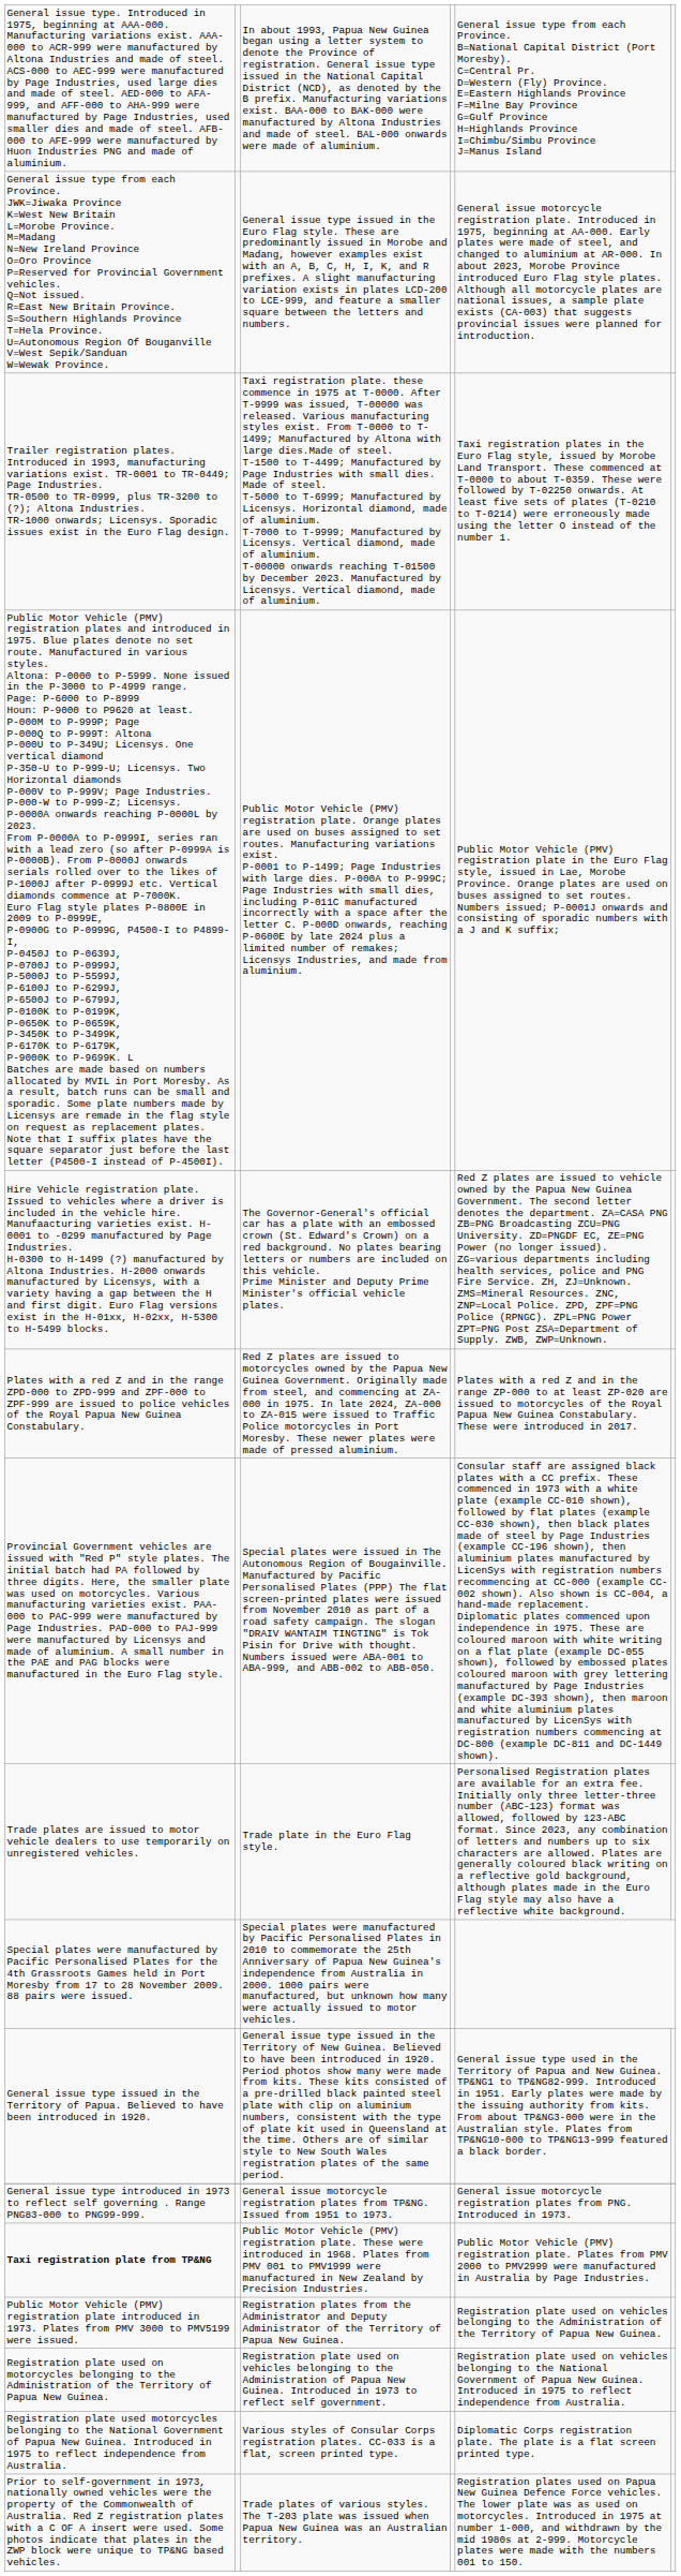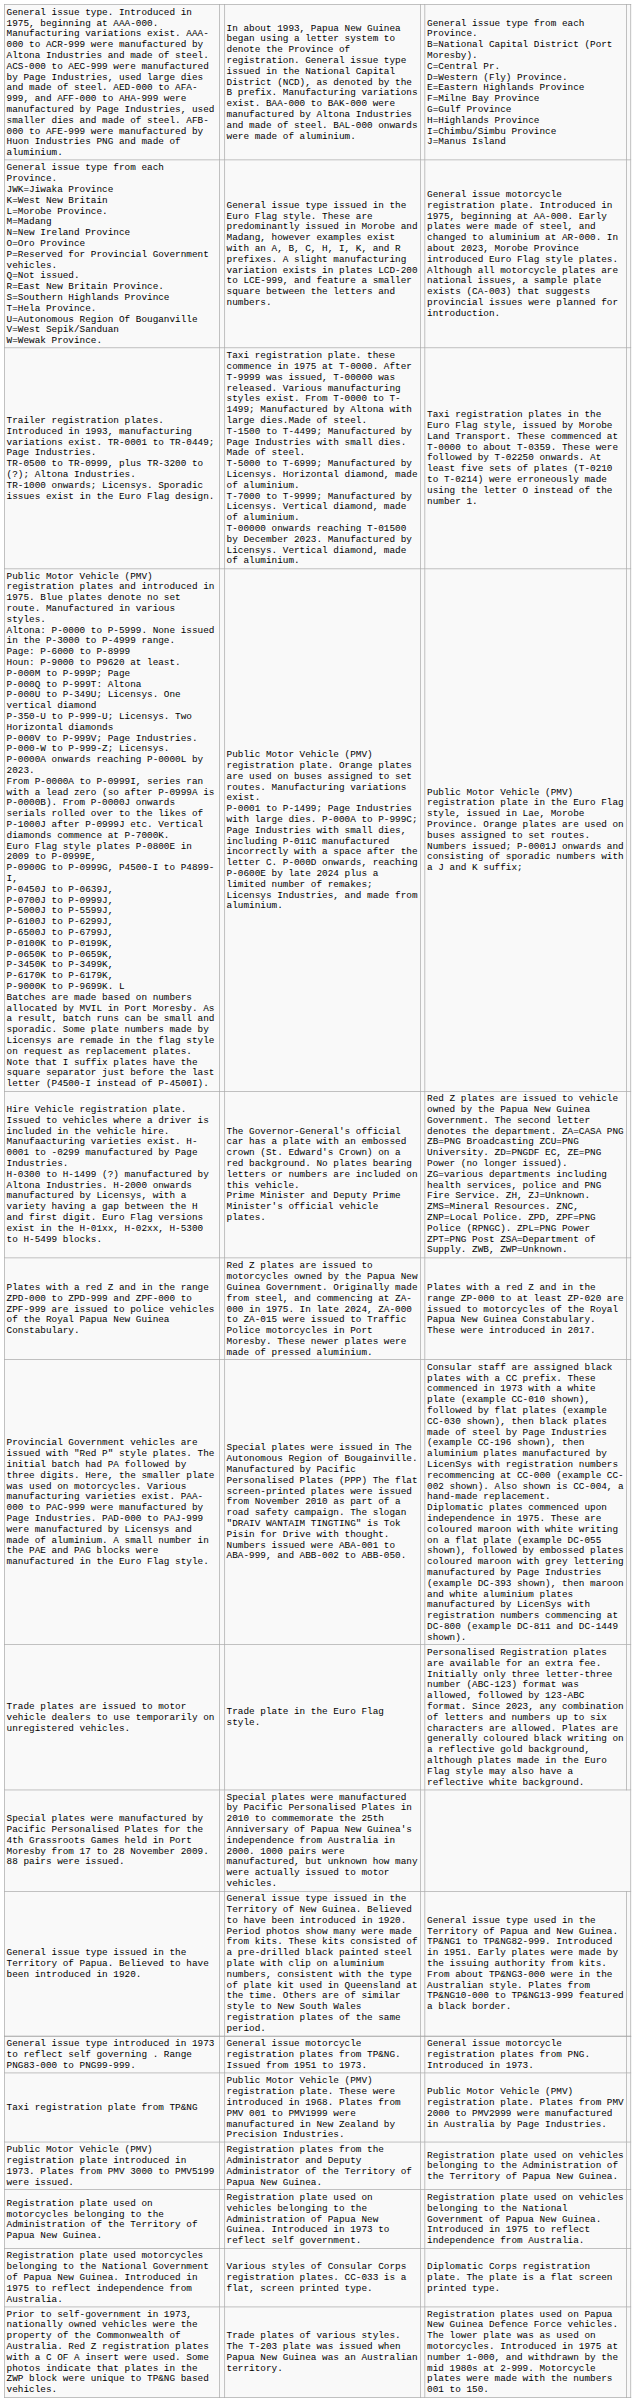 <table class="wikitable sortable">
 <tr>
 <td>General issue type. Introduced in 1975, beginning at AAA-000. Manufacturing variations exist. AAA-000 to ACR-999 were manufactured by Altona Industries and made of steel. ACS-000 to AEC-999 were manufactured by Page Industries, used large dies and made of steel. AED-000 to AFA-999, and AFF-000 to AHA-999 were manufactured by Page Industries, used smaller dies and made of steel. AFB-000 to AFE-999 were manufactured by Huon Industries PNG  and made of aluminium.</td>
 <td></td>
 <td>In about 1993, Papua New Guinea began using a letter system to denote the Province of registration.  General issue type issued in the National Capital District (NCD), as denoted by the B prefix. Manufacturing variations exist. BAA-000 to BAK-000 were manufactured by Altona Industries and made of steel. BAL-000 onwards were made of aluminium.</td>
 <td></td>
 <td>General issue type from each Province.<br>B=National Capital District (Port Moresby).<br>C=Central Pr.<br>D=Western (Fly) Province.<br>E=Eastern Highlands Province<br>F=Milne Bay Province<br>G=Gulf Province<br>H=Highlands Province<br>I=Chimbu/Simbu Province<br>J=Manus Island</td>
 <td></td>
 </tr>
 <tr>
 <td>General issue type from each Province.<br>JWK=Jiwaka Province<br>K=West New Britain<br>L=Morobe Province.<br>M=Madang<br>N=New Ireland Province<br>O=Oro Province<br>P=Reserved for Provincial Government vehicles.<br>Q=Not issued.<br>R=East New Britain Province.<br>S=Southern Highlands Province<br>T=Hela Province.<br>U=Autonomous Region Of Bouganville<br>V=West Sepik/Sanduan<br>W=Wewak Province.</td>
 <td></td>
 <td>General issue type issued in the Euro Flag style. These are predominantly issued in Morobe and Madang, however examples exist with an A, B, C, H, I, K, and R prefixes. A slight manufacturing variation exists in plates LCD-200 to LCE-999, and feature a smaller square between the letters and numbers.</td>
 <td></td>
 <td>General issue motorcycle registration plate. Introduced in 1975, beginning at AA-000. Early plates were made of steel, and changed to aluminium at AR-000. In about 2023, Morobe Province introduced Euro Flag style plates. Although all motorcycle plates are national issues, a sample plate exists (CA-003) that suggests provincial issues were planned for introduction.</td>
 <td></td>
 </tr>
 <tr>
 <td>Trailer registration plates. Introduced in 1993, manufacturing variations exist. TR-0001 to TR-0449; Page Industries.<br>TR-0500 to TR-0999, plus TR-3200 to (?); Altona Industries.<br>TR-1000 onwards; Licensys. Sporadic issues exist in the Euro Flag design.</td>
 <td></td>
 <td>Taxi registration plate. these commence in 1975 at T-0000. After T-9999 was issued, T-00000 was released. Various manufacturing styles exist. From T-0000 to T-1499; Manufactured by Altona with large dies.Made of steel.<br>T-1500 to T-4499; Manufactured by Page Industries with small dies. Made of steel.<br>T-5000 to T-6999; Manufactured by Licensys. Horizontal diamond, made of aluminium.<br>T-7000 to T-9999; Manufactured by Licensys. Vertical diamond, made of aluminium.<br>T-00000 onwards reaching T-01500 by December 2023. Manufactured by Licensys. Vertical diamond, made of aluminium.</td>
 <td></td>
 <td>Taxi registration plates in the Euro Flag style, issued by Morobe Land Transport. These commenced at T-0000 to about T-0359. These were followed by T-02250 onwards. At least five sets of plates (T-0210 to T-0214) were erroneously made using the letter O instead of the number 1.</td>
 <td></td>
 </tr>
 <tr>
 <td>Public Motor Vehicle (PMV) registration plates and introduced in 1975. Blue plates denote no set route. Manufactured in various styles.<br>Altona: P-0000 to P-5999. None issued in the P-3000 to P-4999 range.<br>Page: P-6000 to P-8999<br>Houn: P-9000 to P9620 at least.<br>P-000M to P-999P; Page<br>P-000Q to P-999T: Altona<br>P-000U to P-349U; Licensys. One vertical diamond<br>P-350-U to P-999-U; Licensys. Two Horizontal diamonds<br>P-000V to P-999V; Page Industries.<br>P-000-W to P-999-Z; Licensys.<br>P-0000A onwards reaching P-0000L by 2023.<br>From P-0000A to P-0999I, series ran with a lead zero (so after P-0999A is P-0000B). From P-0000J onwards serials rolled over to the likes of P-1000J after P-0999J etc. Vertical diamonds commence at P-7000K.<br>Euro Flag style plates P-0800E in 2009 to P-0999E,<br>P-0900G to P-0999G, P4500-I to P4899-I,<br>P-0450J to P-0639J,<br>P-0700J to P-0999J,<br>P-5000J to P-5599J,<br>P-6100J to P-6299J,<br>P-6500J to P-6799J,<br>P-0100K to P-0199K,<br>P-0650K to P-0659K,<br>P-3450K to P-3499K,<br>P-6170K to P-6179K,<br>P-9000K to P-9699K. L<br>Batches are made based on numbers allocated by MVIL in Port Moresby. As a result, batch runs can be small and sporadic. Some plate numbers made by Licensys are remade in the flag style on request as replacement plates.<br>Note that I suffix plates have the square separator just before the last letter (P4500-I instead of P-4500I).</td>
 <td></td>
 <td>Public Motor Vehicle (PMV) registration plate. Orange plates are used on buses assigned to set routes. Manufacturing variations exist.<br>P-0001 to P-1499; Page Industries with large dies. P-000A to P-999C; Page Industries with small dies, including P-011C manufactured incorrectly with a space after the letter C. P-000D onwards, reaching P-0600E by late 2024 plus a limited number of remakes; Licensys Industries, and made from aluminium.</td>
 <td></td>
 <td>Public Motor Vehicle (PMV) registration plate in the Euro Flag style, issued in Lae, Morobe Province. Orange plates are used on buses assigned to set routes.<br>Numbers issued; P-0001J onwards and consisting of sporadic numbers with a J and K suffix;</td>
 <td></td>
 </tr>
 <tr>
 <td>Hire Vehicle registration plate. Issued to vehicles where a driver is included in the vehicle hire. Manufaacturing varieties exist. H-0001 to -0299 manufactured by Page Industries.<br>H-0300 to H-1499 (?) manufactured by Altona Industries. H-2000 onwards manufactured by Licensys, with a variety having a gap between the H and first digit. Euro Flag versions exist in the H-01xx, H-02xx, H-5300 to H-5499 blocks.</td>
 <td></td>
 <td>The Governor-General's official car has a plate with an embossed crown (St. Edward's Crown) on a red background. No plates bearing letters or numbers are included on this vehicle.<br>Prime Minister and Deputy Prime Minister's official vehicle plates.</td>
 <td><br></td>
 <td>Red Z plates are issued to vehicle owned by the Papua New Guinea Government. The second letter denotes the department. ZA=CASA PNG<br>ZB=PNG Broadcasting ZCU=PNG University. ZD=PNGDF EC, ZE=PNG Power (no longer issued). ZG=various departments including health services, police and PNG Fire Service. ZH, ZJ=Unknown. ZMS=Mineral Resources. ZNC, ZNP=Local Police. ZPD, ZPF=PNG Police (RPNGC). ZPL=PNG Power  ZPT=PNG Post ZSA=Department of Supply. ZWB, ZWP=Unknown.</td>
 <td></td>
 </tr>
 <tr>
 <td>Plates with a red Z and in the range ZPD-000 to ZPD-999 and ZPF-000 to ZPF-999 are issued to police vehicles of the Royal Papua New Guinea Constabulary.</td>
 <td></td>
 <td>Red Z plates are issued to motorcycles owned by the Papua New Guinea Government. Originally made from steel, and commencing at ZA-000 in 1975. In late 2024, ZA-000 to ZA-015 were issued to Traffic Police motorcycles in Port Moresby. These newer plates were made of pressed aluminium.</td>
 <td></td>
 <td>Plates with a red Z and in the range ZP-000 to at least ZP-020  are issued to motorcycles of the Royal Papua New Guinea Constabulary. These were introduced in 2017.</td>
 <td></td>
 </tr>
 <tr>
 <td>Provincial Government vehicles are issued with "Red P" style plates. The initial batch had PA followed by three digits. Here, the smaller plate was used on motorcycles. Various manufacturing varieties exist. PAA-000 to PAC-999 were manufactured by Page Industries. PAD-000 to PAJ-999 were manufactured by Licensys and made of aluminium. A small number in the PAE and PAG blocks were manufactured in the Euro Flag style.</td>
 <td></td>
 <td>Special plates were issued in The Autonomous Region of Bougainville. Manufactured by Pacific Personalised Plates (PPP) The flat screen-printed plates were issued from November 2010 as part of a road safety campaign. The slogan "DRAIV WANTAIM TINGTING" is Tok Pisin for Drive with thought. Numbers issued were ABA-001 to ABA-999, and ABB-002 to ABB-050.</td>
 <td></td>
 <td>Consular staff are assigned black plates with a CC prefix. These commenced in 1973 with a white plate (example CC-010 shown), followed by flat plates (example CC-030 shown), then black plates made of steel by Page Industries (example CC-196 shown), then aluminium plates manufactured by LicenSys with registration numbers recommencing at CC-000 (example CC-002 shown). Also shown is CC-004, a hand-made replacement.<br>Diplomatic plates commenced upon independence in 1975. These are coloured maroon with white writing on a flat plate (example DC-055 shown), followed by embossed plates coloured maroon with grey lettering manufactured by Page Industries (example DC-393 shown), then maroon and white aluminium plates manufactured by LicenSys with registration numbers commencing at DC-800 (example DC-811 and DC-1449 shown).</td>
 <td></td>
 </tr>
 <tr>
 <td>Trade plates are issued to motor vehicle dealers to use temporarily on unregistered vehicles.</td>
 <td></td>
 <td>Trade plate in the Euro Flag style.</td>
 <td></td>
 <td>Personalised Registration plates are available for an extra fee. Initially only three letter-three number (ABC-123) format was allowed, followed by 123-ABC format. Since 2023, any combination of letters and numbers up to six characters are allowed. Plates are generally coloured black writing on a reflective gold background, although plates made in the Euro Flag style may also have a reflective white background.</td>
 <td></td>
 </tr>
 <tr>
 <td>Special plates were manufactured by Pacific Personalised Plates for the 4th Grassroots Games held in Port Moresby from 17 to 28 November 2009. 88 pairs were issued.</td>
 <td></td>
 <td>Special plates were manufactured by Pacific Personalised Plates in 2010 to commemorate the 25th Anniversary of Papua New Guinea's independence from Australia in 2000. 1000 pairs were manufactured, but unknown how many were actually issued to motor vehicles.</td>
 <td></td>
 </tr>
 <tr>
 <td>General issue type issued in the Territory of Papua. Believed to have been introduced in 1920.</td>
 <td></td>
 <td>General issue type issued in the Territory of New Guinea. Believed to have been introduced in 1920. Period photos show many were made from kits. These kits consisted of a pre-drilled black painted steel plate with clip on aluminium numbers, consistent with the type of plate kit used in Queensland at the time. Others are of similar style to New South Wales registration plates of the same period.</td>
 <td></td>
 <td>General issue type used in the Territory of Papua and New Guinea. TP&NG1 to TP&NG82-999. Introduced in 1951. Early plates were made by the issuing authority from kits. From about TP&NG3-000 were in the Australian style. Plates from TP&NG10-000 to TP&NG13-999 featured a black border.</td>
 <td></td>
 </tr>
 <tr>
 </tr>
 <tr>
 <td>General issue type introduced in 1973 to reflect self governing . Range PNG83-000 to PNG99-999.</td>
 <td></td>
 <td>General issue motorcycle registration plates from TP&NG. Issued from  1951 to 1973.</td>
 <td></td>
 <td>General issue motorcycle registration plates from PNG. Introduced in 1973.</td>
 <td></td>
 </tr>
 <tr>
-<td><strong>Taxi registration plate from TP&NG</strong></td>
+<td>Taxi registration plate from TP&NG</td>
 <td></td>
 <td>Public Motor Vehicle (PMV) registration plate. These were introduced in 1968. Plates from PMV 001 to PMV1999 were manufactured in New Zealand by Precision Industries.</td>
 <td></td>
 <td>Public Motor Vehicle (PMV) registration plate.  Plates from PMV 2000 to PMV2999 were manufactured in Australia by Page Industries.</td>
 <td></td>
 </tr>
 <tr>
 <td>Public Motor Vehicle (PMV) registration plate introduced in 1973. Plates from PMV 3000 to PMV5199 were issued.</td>
 <td></td>
 <td>Registration plates from the Administrator and Deputy Administrator of the Territory of Papua New Guinea.</td>
 <td></td>
 <td>Registration plate used on  vehicles belonging to the Administration of the Territory of Papua New Guinea.</td>
 <td></td>
 </tr>
 <tr>
 <td>Registration plate used on  motorcycles belonging to the Administration of the Territory of Papua New Guinea.</td>
 <td></td>
 <td>Registration plate used on  vehicles belonging to the Administration of Papua New Guinea. Introduced in 1973 to reflect self government.</td>
 <td></td>
 <td>Registration plate used on  vehicles belonging to the National Government of Papua New Guinea. Introduced in 1975 to reflect independence from Australia.</td>
 <td></td>
 </tr>
 <tr>
 <td>Registration plate used motorcycles belonging to the National Government of Papua New Guinea. Introduced in 1975 to reflect independence from Australia.</td>
 <td></td>
 <td>Various styles of Consular Corps registration plates. CC-033 is a flat, screen printed type.</td>
 <td></td>
 <td>Diplomatic Corps registration plate. The plate is a flat screen printed type.</td>
 <td></td>
 </tr>
 <tr>
 <td>Prior to self-government in 1973, nationally owned vehicles were the property of the Commonwealth of Australia. Red Z registration plates with a C OF A insert were used. Some photos indicate that plates in the ZWP block were unique to TP&NG based vehicles.</td>
 <td></td>
 <td>Trade plates of various styles. The T-203 plate was issued when Papua New Guinea was an Australian territory.</td>
 <td></td>
 <td>Registration plates used on Papua New Guinea Defence Force vehicles. The lower plate was as used on motorcycles. Introduced in 1975 at number 1-000, and withdrawn by the mid 1980s at 2-999. Motorcycle plates were made with the numbers 001 to 150.</td>
 <td></td>
 </tr>
 </table>
